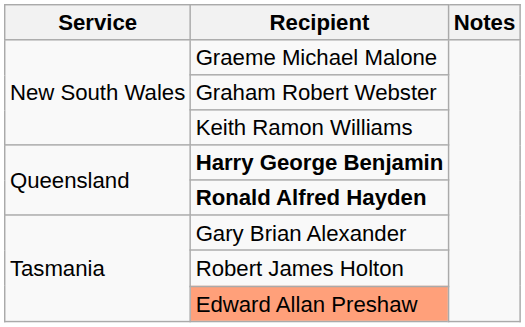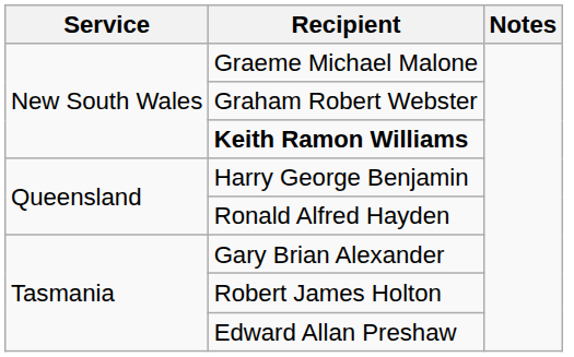 <table class="wikitable" style="font-size:95%;">
 <tr>
 <th>Service</th>
 <th>Recipient</th>
 <th>Notes</th>
 </tr>
 <tr>
 <td rowspan=3>New South Wales</td>
 <td>Graeme Michael Malone</td>
 <td rowspan=8></td>
 </tr>
 <tr>
 <td>Graham Robert Webster</td>
 </tr>
 <tr>
-<td>Keith Ramon Williams</td>
+<td><strong>Keith Ramon Williams</strong></td>
 </tr>
 <tr>
 <td rowspan=2>Queensland</td>
-<td><strong>Harry George Benjamin</strong></td>
+<td>Harry George Benjamin</td>
 </tr>
 <tr>
-<td><strong>Ronald Alfred Hayden</strong></td>
+<td>Ronald Alfred Hayden</td>
 </tr>
 <tr>
 <td rowspan=3>Tasmania</td>
 <td>Gary Brian Alexander</td>
 </tr>
 <tr>
 <td>Robert James Holton</td>
 </tr>
 <tr>
-<td style="background: lightsalmon;"> Edward Allan Preshaw</td>
+<td> Edward Allan Preshaw</td>
 </tr>
 </table>
